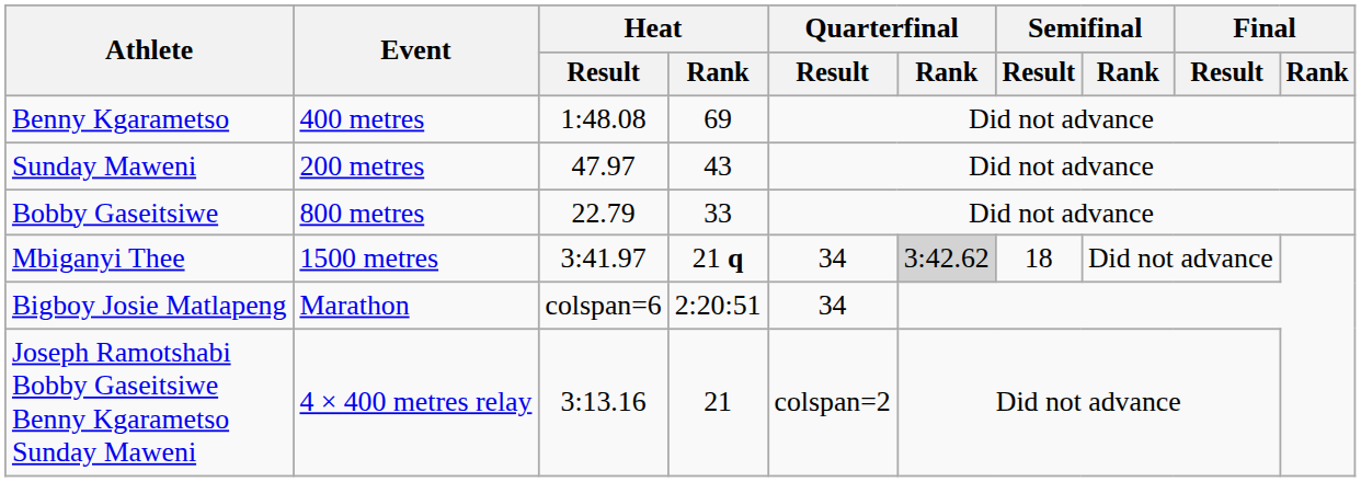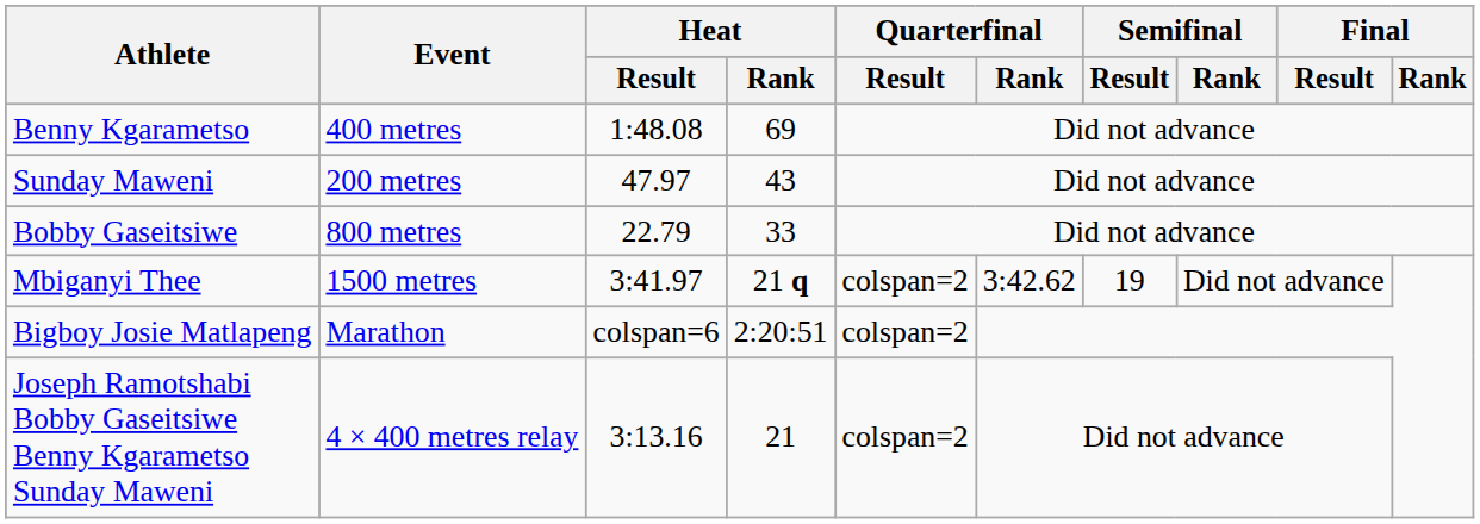 <table class="wikitable" style="font-size:90%;">
 <tr>
 <th rowspan="2">Athlete</th>
 <th rowspan="2">Event</th>
 <th colspan="2">Heat</th>
 <th colspan="2">Quarterfinal</th>
 <th colspan="2">Semifinal</th>
 <th colspan="2">Final</th>
 </tr>
 <tr style="font-size:95%">
 <th>Result</th>
 <th>Rank</th>
 <th>Result</th>
 <th>Rank</th>
 <th>Result</th>
 <th>Rank</th>
 <th>Result</th>
 <th>Rank</th>
 </tr>
 <tr align=center>
 <td align=left><a href='#'>Benny Kgarametso</a></td>
 <td align=left><a href='#'>400 metres</a></td>
 <td>1:48.08</td>
 <td>69</td>
 <td colspan=6>Did not advance</td>
 </tr>
 <tr align=center>
 <td align=left><a href='#'>Sunday Maweni</a></td>
 <td align=left><a href='#'>200 metres</a></td>
 <td>47.97</td>
 <td>43</td>
 <td colspan=6>Did not advance</td>
 </tr>
 <tr align=center>
 <td align=left><a href='#'>Bobby Gaseitsiwe</a></td>
 <td align=left><a href='#'>800 metres</a></td>
 <td>22.79</td>
 <td>33</td>
 <td colspan=6>Did not advance</td>
 </tr>
 <tr align=center>
 <td align=left><a href='#'>Mbiganyi Thee</a></td>
 <td align=left><a href='#'>1500 metres</a></td>
 <td>3:41.97</td>
 <td>21 <strong>q</strong></td>
-<td>34</td>
-<td style="background: lightgrey;">3:42.62</td>
-<td>18</td>
+<td>colspan=2</td>
+<td>3:42.62</td>
+<td>19</td>
 <td colspan=2>Did not advance</td>
 </tr>
 <tr align=center>
 <td align=left><a href='#'>Bigboy Josie Matlapeng</a></td>
 <td align=left><a href='#'>Marathon</a></td>
 <td>colspan=6</td>
 <td>2:20:51</td>
-<td>34</td>
+<td>colspan=2</td>
 </tr>
 <tr align=center>
 <td align=left><a href='#'>Joseph Ramotshabi</a><br><a href='#'>Bobby Gaseitsiwe</a><br><a href='#'>Benny Kgarametso</a><br><a href='#'>Sunday Maweni</a></td>
 <td align=left><a href='#'>4 × 400 metres relay</a></td>
 <td>3:13.16</td>
 <td>21</td>
 <td>colspan=2</td>
 <td colspan=4>Did not advance</td>
 </tr>
 </table>
